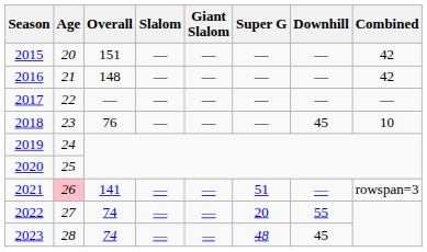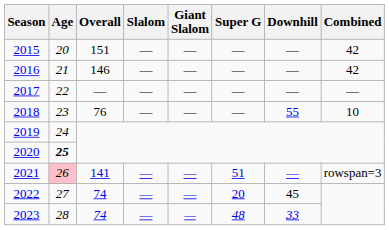 <table class=wikitable style="text-align:center">
 <tr>
 <th>Season</th>
 <th>Age</th>
 <th>Overall</th>
 <th>Slalom</th>
 <th>Giant<br>Slalom</th>
 <th>Super G</th>
 <th>Downhill</th>
 <th>Combined</th>
 </tr>
 <tr>
 <td><a href='#'>2015</a></td>
 <td><em>20</em></td>
 <td>151</td>
 <td>—</td>
 <td>—</td>
 <td>—</td>
 <td>—</td>
 <td>42</td>
 </tr>
 <tr>
 <td><a href='#'>2016</a></td>
 <td><em>21</em></td>
-<td>148</td>
+<td>146</td>
 <td>—</td>
 <td>—</td>
 <td>—</td>
 <td>—</td>
 <td>42</td>
 </tr>
 <tr>
 <td><a href='#'>2017</a></td>
 <td><em>22</em></td>
 <td>—</td>
 <td>—</td>
 <td>—</td>
 <td>—</td>
 <td>—</td>
 <td>—</td>
 </tr>
 <tr>
 <td><a href='#'>2018</a></td>
 <td><em>23</em></td>
 <td>76</td>
 <td>—</td>
 <td>—</td>
 <td>—</td>
-<td>45</td>
+<td><a href='#'>55</a></td>
 <td>10</td>
 </tr>
 <tr>
 <td><a href='#'>2019</a></td>
 <td><em>24</em></td>
 <td colspan=6 rowspan=2><em></em></td>
 </tr>
 <tr>
 <td><a href='#'>2020</a></td>
-<td><em>25</em></td>
+<td><strong><em>25</em></strong></td>
 </tr>
 <tr>
 <td><a href='#'>2021</a></td>
 <td style="background: pink;"><em>26</em></td>
 <td><a href='#'>141</a></td>
 <td><a href='#'>—</a></td>
 <td><a href='#'>—</a></td>
 <td><a href='#'>51</a></td>
 <td><a href='#'>—</a></td>
 <td>rowspan=3 </td>
 </tr>
 <tr>
 <td><a href='#'>2022</a></td>
 <td><em>27</em></td>
 <td><a href='#'>74</a></td>
 <td><a href='#'>—</a></td>
 <td><a href='#'>—</a></td>
 <td><a href='#'>20</a></td>
-<td><a href='#'>55</a></td>
+<td>45</td>
 </tr>
 <tr>
 <td><a href='#'>2023</a></td>
 <td><em>28</em></td>
 <td><em><a href='#'>74</a></em></td>
 <td><a href='#'>—</a></td>
 <td><em><a href='#'>—</a></em></td>
 <td><em><a href='#'>48</a></em></td>
-<td>45</td>
+<td><em><a href='#'>33</a></em></td>
 </tr>
 </table>
